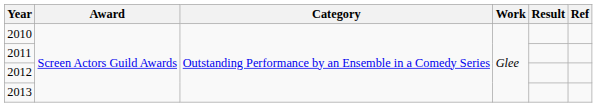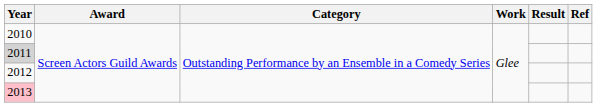 <table class="wikitable">
 <tr>
 <th>Year</th>
 <th>Award</th>
 <th>Category</th>
 <th>Work</th>
 <th>Result</th>
 <th>Ref</th>
 </tr>
 <tr>
 <td>2010</td>
 <td rowspan="4"><a href='#'>Screen Actors Guild Awards</a></td>
 <td rowspan="4"><a href='#'>Outstanding Performance by an Ensemble in a Comedy Series</a></td>
 <td rowspan="4"><em>Glee</em></td>
 <td></td>
 <td></td>
 </tr>
 <tr>
-<td>2011</td>
+<td style="background: lightgrey;">2011</td>
 <td></td>
 <td></td>
 </tr>
 <tr>
 <td>2012</td>
 <td></td>
 <td></td>
 </tr>
 <tr>
-<td>2013</td>
+<td style="background: pink;">2013</td>
 <td></td>
 <td></td>
 </tr>
 </table>
